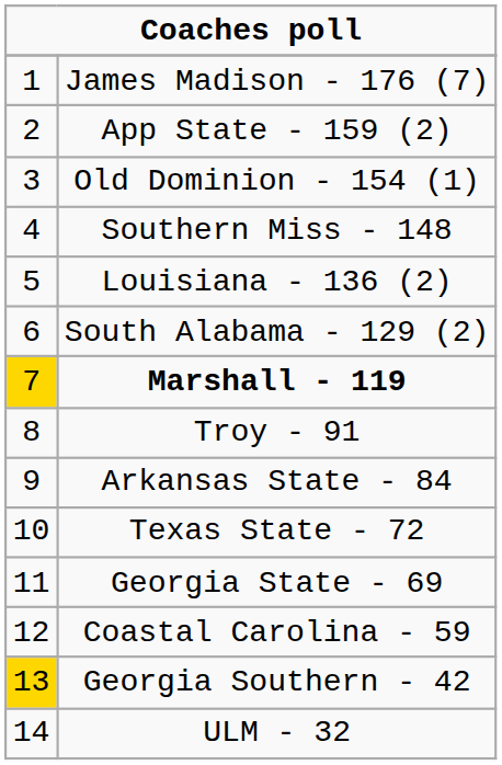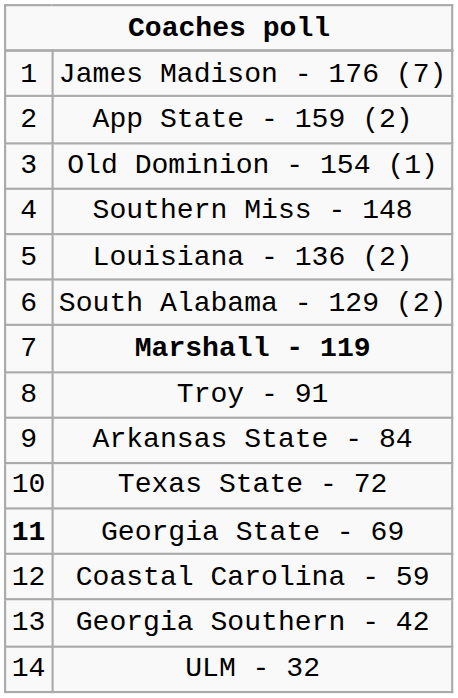 <table class="wikitable" style="display: inline-table;">
 <tr>
 <td align="center" Colspan="3"><strong>Coaches poll</strong></td>
 </tr>
 <tr align="center">
 </tr>
 <tr align="center">
 <td>1</td>
 <td>James Madison - 176 (7)</td>
 </tr>
 <tr align="center">
 <td>2</td>
 <td>App State - 159 (2)</td>
 </tr>
 <tr align="center">
 <td>3</td>
 <td>Old Dominion - 154 (1)</td>
 </tr>
 <tr align="center">
 <td>4</td>
 <td>Southern Miss - 148</td>
 </tr>
 <tr align="center">
 <td>5</td>
 <td>Louisiana - 136 (2)</td>
 </tr>
 <tr align="center">
 <td>6</td>
 <td>South Alabama - 129 (2)</td>
 </tr>
 <tr align="center">
-<td style="background: gold;">7</td>
+<td>7</td>
 <td><strong>Marshall - 119</strong></td>
 </tr>
 <tr align="center">
 <td>8</td>
 <td>Troy - 91</td>
 </tr>
 <tr align="center">
 <td>9</td>
 <td>Arkansas State - 84</td>
 </tr>
 <tr align="center">
 <td>10</td>
 <td>Texas State - 72</td>
 </tr>
 <tr align="center">
-<td>11</td>
+<td><strong>11</strong></td>
 <td>Georgia State - 69</td>
 </tr>
 <tr align="center">
 <td>12</td>
 <td>Coastal Carolina - 59</td>
 </tr>
 <tr align="center">
-<td style="background: gold;">13</td>
+<td>13</td>
 <td>Georgia Southern - 42</td>
 </tr>
 <tr align="center">
 <td>14</td>
 <td>ULM - 32</td>
 </tr>
 </table>
